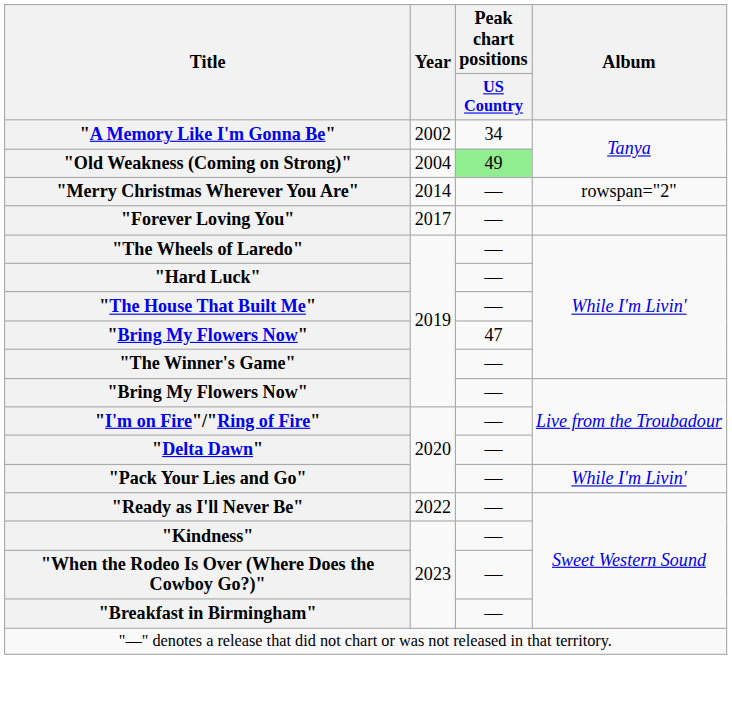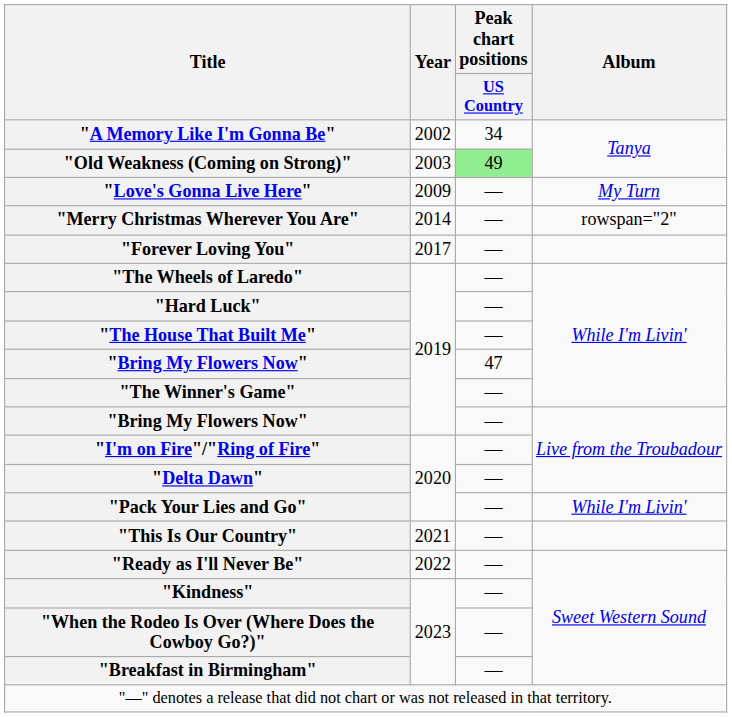 <table class="wikitable plainrowheaders" style="text-align:center;" border="1">
 <tr>
 <th scope="col" rowspan="2" style="width:22em;">Title</th>
 <th scope="col" rowspan="2">Year</th>
 <th scope="col" colspan="1">Peak<br>chart<br>positions</th>
 <th scope="col" rowspan="2">Album</th>
 </tr>
 <tr>
 <th scope="col" style="width:3em;font-size:90%;"><a href='#'>US<br>Country</a><br></th>
 </tr>
 <tr>
 <th scope="row">"<a href='#'>A Memory Like I'm Gonna Be</a>"</th>
 <td>2002</td>
 <td>34</td>
 <td rowspan="2"><em><a href='#'>Tanya</a></em></td>
 </tr>
 <tr>
 <th scope="row">"Old Weakness (Coming on Strong)"</th>
-<td>2004</td>
+<td>2003</td>
 <td style="background: lightgreen;">49</td>
+</tr>
+<tr>
+<th scope="row">"<a href='#'>Love's Gonna Live Here</a>"<br></th>
+<td>2009</td>
+<td>—</td>
+<td><em><a href='#'>My Turn</a></em></td>
 </tr>
 <tr>
 <th scope="row">"Merry Christmas Wherever You Are"</th>
 <td>2014</td>
 <td>—</td>
 <td>rowspan="2" </td>
 </tr>
 <tr>
 <th scope="row">"Forever Loving You"</th>
 <td>2017</td>
 <td>—</td>
 </tr>
 <tr>
 <th scope="row">"The Wheels of Laredo"</th>
 <td rowspan="6">2019</td>
 <td>—</td>
 <td rowspan="5"><em><a href='#'>While I'm Livin'</a></em></td>
 </tr>
 <tr>
 <th scope="row">"Hard Luck"</th>
 <td>—</td>
 </tr>
 <tr>
 <th scope = "row">"<a href='#'>The House That Built Me</a>"</th>
 <td>—</td>
 </tr>
 <tr>
 <th scope="row">"<a href='#'>Bring My Flowers Now</a>"</th>
 <td>47</td>
 </tr>
 <tr>
 <th scope="row">"The Winner's Game"</th>
 <td>—</td>
 </tr>
 <tr>
 <th scope="row">"Bring My Flowers Now" </th>
 <td>—</td>
 <td rowspan="3"><em><a href='#'>Live from the Troubadour</a></em></td>
 </tr>
 <tr>
 <th scope="row">"<a href='#'>I'm on Fire</a>"/"<a href='#'>Ring of Fire</a>" </th>
 <td rowspan="3">2020</td>
 <td>—</td>
 </tr>
 <tr>
 <th scope="row">"<a href='#'>Delta Dawn</a>" </th>
 <td>—</td>
 </tr>
 <tr>
 <th scope="row">"Pack Your Lies and Go"</th>
 <td>—</td>
 <td><em><a href='#'>While I'm Livin'</a></em></td>
 </tr>
 <tr>
+<th scope="row">"This Is Our Country"<br></th>
+<td>2021</td>
+<td>—</td>
+<td></td>
+</tr>
+<tr>
 <th scope="row">"Ready as I'll Never Be"</th>
 <td>2022</td>
 <td>—</td>
 <td rowspan = "4"><em><a href='#'>Sweet Western Sound</a></em></td>
 </tr>
 <tr>
 <th scope="row">"Kindness"</th>
 <td rowspan = "3">2023</td>
 <td>—</td>
 </tr>
 <tr>
 <th scope="row">"When the Rodeo Is Over (Where Does the Cowboy Go?)"</th>
 <td>—</td>
 </tr>
 <tr>
 <th scope ="row">"Breakfast in Birmingham"<br></th>
 <td>—</td>
 </tr>
 <tr>
 <td colspan="4" style="font-size:90%">"—" denotes a release that did not chart or was not released in that territory.</td>
 </tr>
 </table>
